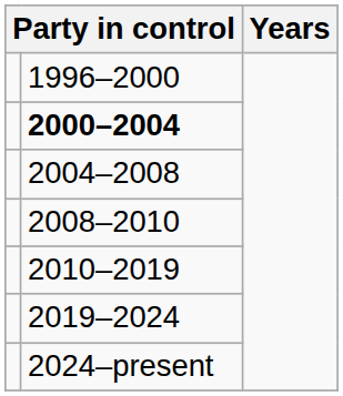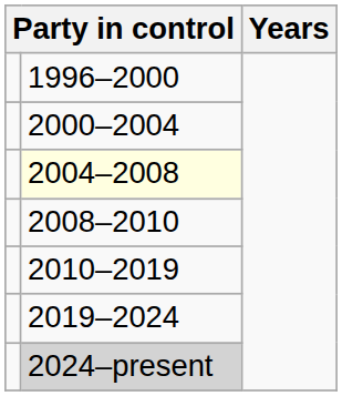 <table class="wikitable">
 <tr>
 <th colspan="2">Party in control</th>
 <th>Years</th>
 </tr>
 <tr>
 <td></td>
 <td>1996–2000</td>
 </tr>
 <tr>
 <td></td>
-<td><strong>2000–2004</strong></td>
+<td>2000–2004</td>
 </tr>
 <tr>
 <td></td>
-<td>2004–2008</td>
+<td style="background: lightyellow;">2004–2008</td>
 </tr>
 <tr>
 <td></td>
 <td>2008–2010</td>
 </tr>
 <tr>
 <td></td>
 <td>2010–2019</td>
 </tr>
 <tr>
 <td></td>
 <td>2019–2024</td>
 </tr>
 <tr>
 <td></td>
-<td>2024–present</td>
+<td style="background: lightgrey;">2024–present</td>
 </tr>
 </table>
